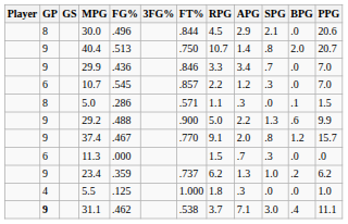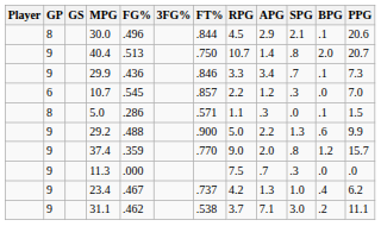 <table class="wikitable sortable" style="font-size: 90%">
 <tr>
 <th>Player</th>
 <th>GP</th>
 <th>GS</th>
 <th>MPG</th>
 <th>FG%</th>
 <th>3FG%</th>
 <th>FT%</th>
 <th>RPG</th>
 <th>APG</th>
 <th>SPG</th>
 <th>BPG</th>
 <th>PPG</th>
 </tr>
 <tr>
 <td></td>
 <td>8</td>
 <td></td>
 <td>30.0</td>
 <td>.496</td>
 <td></td>
 <td>.844</td>
 <td>4.5</td>
 <td>2.9</td>
 <td>2.1</td>
-<td>.0</td>
+<td>.1</td>
 <td>20.6</td>
 </tr>
 <tr>
 <td></td>
 <td>9</td>
 <td></td>
 <td>40.4</td>
 <td>.513</td>
 <td></td>
 <td>.750</td>
 <td>10.7</td>
 <td>1.4</td>
 <td>.8</td>
 <td>2.0</td>
 <td>20.7</td>
 </tr>
 <tr>
 <td></td>
 <td>9</td>
 <td></td>
 <td>29.9</td>
 <td>.436</td>
 <td></td>
 <td>.846</td>
 <td>3.3</td>
 <td>3.4</td>
 <td>.7</td>
-<td>.0</td>
-<td>7.0</td>
+<td>.1</td>
+<td>7.3</td>
 </tr>
 <tr>
 <td></td>
 <td>6</td>
 <td></td>
 <td>10.7</td>
 <td>.545</td>
 <td></td>
 <td>.857</td>
 <td>2.2</td>
 <td>1.2</td>
 <td>.3</td>
 <td>.0</td>
 <td>7.0</td>
 </tr>
 <tr>
 <td></td>
 <td>8</td>
 <td></td>
 <td>5.0</td>
 <td>.286</td>
 <td></td>
 <td>.571</td>
 <td>1.1</td>
 <td>.3</td>
 <td>.0</td>
 <td>.1</td>
 <td>1.5</td>
 </tr>
 <tr>
 <td></td>
 <td>9</td>
 <td></td>
 <td>29.2</td>
 <td>.488</td>
 <td></td>
 <td>.900</td>
 <td>5.0</td>
 <td>2.2</td>
 <td>1.3</td>
 <td>.6</td>
 <td>9.9</td>
 </tr>
 <tr>
 <td></td>
 <td>9</td>
 <td></td>
 <td>37.4</td>
-<td>.467</td>
+<td>.359</td>
 <td></td>
 <td>.770</td>
-<td>9.1</td>
+<td>9.0</td>
 <td>2.0</td>
 <td>.8</td>
 <td>1.2</td>
 <td>15.7</td>
 </tr>
 <tr>
 <td></td>
-<td>6</td>
+<td>9</td>
 <td></td>
 <td>11.3</td>
 <td>.000</td>
 <td></td>
 <td></td>
-<td>1.5</td>
+<td>7.5</td>
 <td>.7</td>
 <td>.3</td>
 <td>.0</td>
 <td>.0</td>
 </tr>
 <tr>
 <td></td>
 <td>9</td>
 <td></td>
 <td>23.4</td>
-<td>.359</td>
+<td>.467</td>
 <td></td>
 <td>.737</td>
-<td>6.2</td>
+<td>4.2</td>
 <td>1.3</td>
 <td>1.0</td>
-<td>.2</td>
+<td>.4</td>
 <td>6.2</td>
 </tr>
 <tr>
 <td></td>
-<td>4</td>
-<td></td>
-<td>5.5</td>
-<td>.125</td>
-<td></td>
-<td>1.000</td>
-<td>1.8</td>
-<td>.3</td>
-<td>.0</td>
-<td>.0</td>
-<td>1.0</td>
-</tr>
-<tr>
-<td></td>
-<td><strong>9</strong></td>
+<td>9</td>
 <td></td>
 <td>31.1</td>
 <td>.462</td>
 <td></td>
 <td>.538</td>
 <td>3.7</td>
 <td>7.1</td>
 <td>3.0</td>
-<td>.4</td>
+<td>.2</td>
 <td>11.1</td>
 </tr>
 </table>
